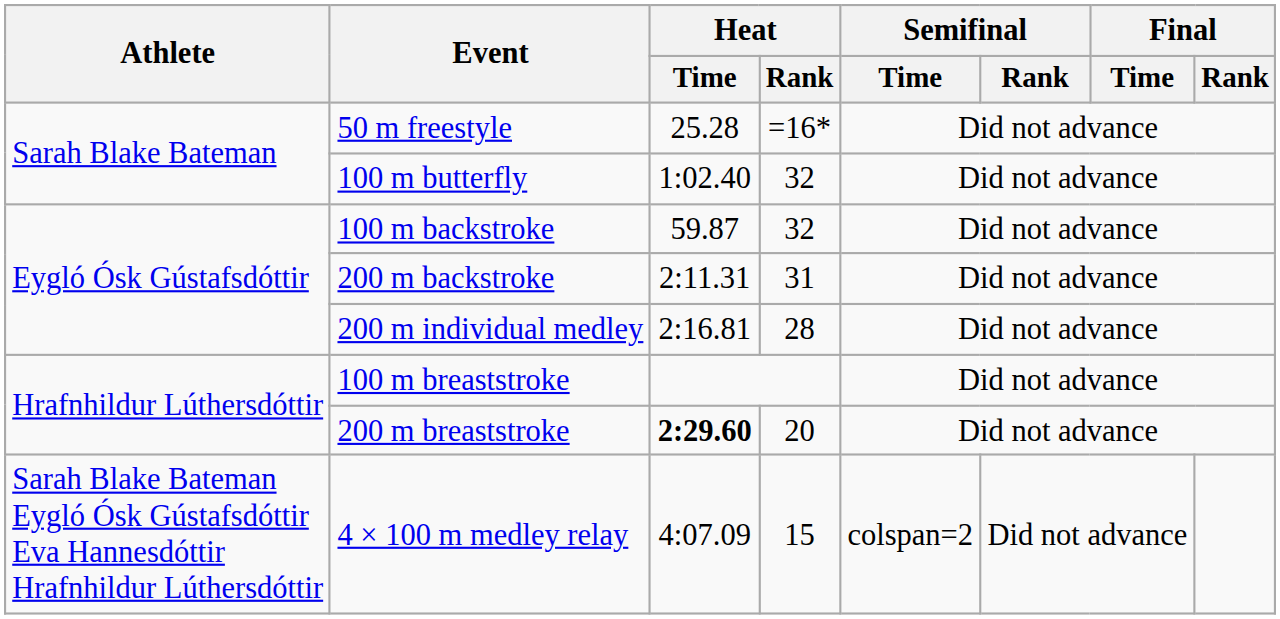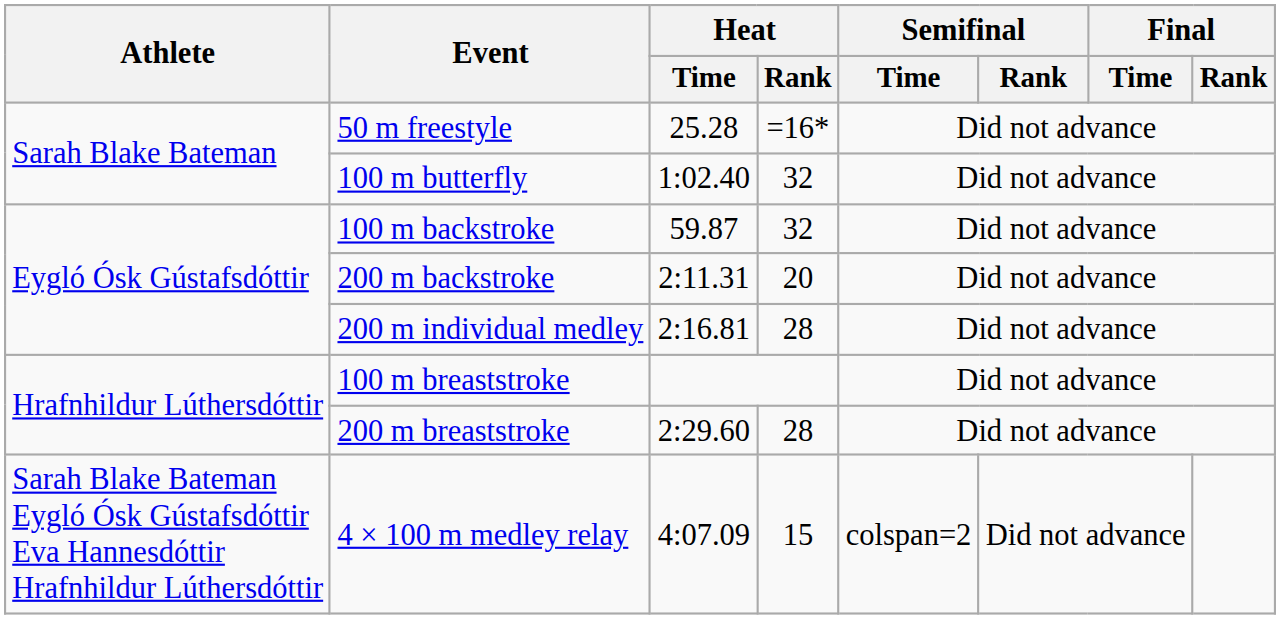 <table class=wikitable style="font-size:90%">
 <tr>
 <th rowspan=2>Athlete</th>
 <th rowspan=2>Event</th>
 <th colspan="2">Heat</th>
 <th colspan="2">Semifinal</th>
 <th colspan="2">Final</th>
 </tr>
 <tr style="font-size:95%">
 <th>Time</th>
 <th>Rank</th>
 <th>Time</th>
 <th>Rank</th>
 <th>Time</th>
 <th>Rank</th>
 </tr>
 <tr align=center>
 <td align=left rowspan=2><a href='#'>Sarah Blake Bateman</a></td>
 <td align=left><a href='#'>50 m freestyle</a></td>
 <td>25.28</td>
 <td>=16*</td>
 <td colspan=4>Did not advance</td>
 </tr>
 <tr align=center>
 <td align=left><a href='#'>100 m butterfly</a></td>
 <td>1:02.40</td>
 <td>32</td>
 <td colspan=4>Did not advance</td>
 </tr>
 <tr align=center>
 <td align=left rowspan=3><a href='#'>Eygló Ósk Gústafsdóttir</a></td>
 <td align=left><a href='#'>100 m backstroke</a></td>
 <td>59.87</td>
 <td>32</td>
 <td colspan=4>Did not advance</td>
 </tr>
 <tr align=center>
 <td align=left><a href='#'>200 m backstroke</a></td>
 <td>2:11.31</td>
-<td>31</td>
+<td>20</td>
 <td colspan=4>Did not advance</td>
 </tr>
 <tr align=center>
 <td align=left><a href='#'>200 m individual medley</a></td>
 <td>2:16.81</td>
 <td>28</td>
 <td colspan=4>Did not advance</td>
 </tr>
 <tr align=center>
 <td align=left rowspan=2><a href='#'>Hrafnhildur Lúthersdóttir</a></td>
 <td align=left><a href='#'>100 m breaststroke</a></td>
 <td colspan=2></td>
 <td colspan=4>Did not advance</td>
 </tr>
 <tr align=center>
 <td align=left><a href='#'>200 m breaststroke</a></td>
-<td><strong>2:29.60</strong></td>
-<td>20</td>
+<td>2:29.60</td>
+<td>28</td>
 <td colspan=4>Did not advance</td>
 </tr>
 <tr align=center>
 <td align=left><a href='#'>Sarah Blake Bateman</a><br><a href='#'>Eygló Ósk Gústafsdóttir</a><br><a href='#'>Eva Hannesdóttir</a><br><a href='#'>Hrafnhildur Lúthersdóttir</a></td>
 <td align=left><a href='#'>4 × 100 m medley relay</a></td>
 <td>4:07.09</td>
 <td>15</td>
 <td>colspan=2 </td>
 <td colspan=2>Did not advance</td>
 </tr>
 </table>
